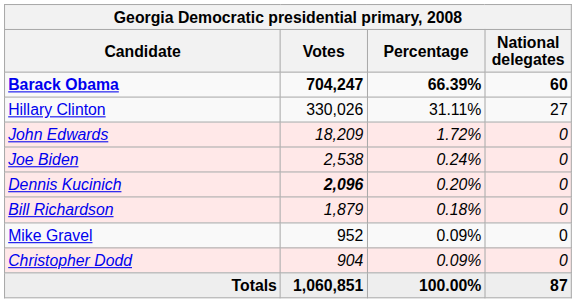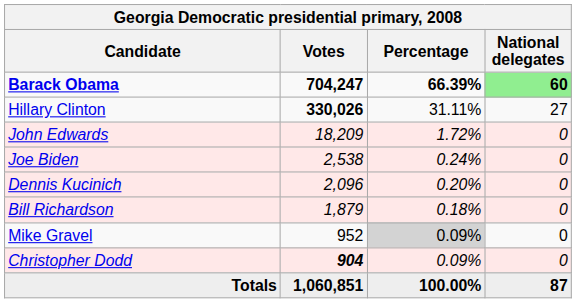 <table class="wikitable" style="font-size:95%; text-align:right;">
 <tr>
 <th colspan="4">Georgia Democratic presidential primary, 2008</th>
 </tr>
 <tr>
 <th style="width: 17em">Candidate</th>
 <th style="width: 5em">Votes</th>
 <th style="width: 7em">Percentage</th>
 <th style="width: 5em">National delegates</th>
 </tr>
 <tr>
 <td align="left"><strong><a href='#'>Barack Obama</a></strong></td>
 <td><strong>704,247</strong></td>
 <td><strong>66.39%</strong></td>
-<td><strong>60</strong></td>
+<td style="background: lightgreen;"><strong>60</strong></td>
 </tr>
 <tr>
 <td align="left"><a href='#'>Hillary Clinton</a></td>
-<td>330,026</td>
+<td><strong>330,026</strong></td>
 <td>31.11%</td>
 <td>27</td>
 </tr>
 <tr bgcolor=#FFE8E8>
 <td align="left"><em><a href='#'>John Edwards</a></em></td>
 <td><em>18,209</em></td>
 <td><em>1.72%</em></td>
 <td><em>0</em></td>
 </tr>
 <tr bgcolor=#FFE8E8>
 <td align="left"><em><a href='#'>Joe Biden</a></em></td>
 <td><em>2,538</em></td>
 <td><em>0.24%</em></td>
 <td><em>0</em></td>
 </tr>
 <tr bgcolor=#FFE8E8>
 <td align="left"><em><a href='#'>Dennis Kucinich</a></em></td>
-<td><strong><em>2,096</em></strong></td>
+<td><em>2,096</em></td>
 <td><em>0.20%</em></td>
 <td><em>0</em></td>
 </tr>
 <tr bgcolor=#FFE8E8>
 <td align="left"><em><a href='#'>Bill Richardson</a></em></td>
 <td><em>1,879</em></td>
 <td><em>0.18%</em></td>
 <td><em>0</em></td>
 </tr>
 <tr>
 <td align="left"><a href='#'>Mike Gravel</a></td>
 <td>952</td>
-<td>0.09%</td>
+<td style="background: lightgrey;">0.09%</td>
 <td>0</td>
 </tr>
 <tr bgcolor=#FFE8E8>
 <td align="left"><em><a href='#'>Christopher Dodd</a></em></td>
-<td><em>904</em></td>
+<td><strong><em>904</em></strong></td>
 <td><em>0.09%</em></td>
 <td><em>0</em></td>
 </tr>
 <tr bgcolor="#EEEEEE" style="margin-right:0.5em">
 <td><strong>Totals</strong></td>
 <td><strong>1,060,851</strong></td>
 <td><strong>100.00%</strong></td>
 <td><strong>87</strong></td>
 </tr>
 </table>
